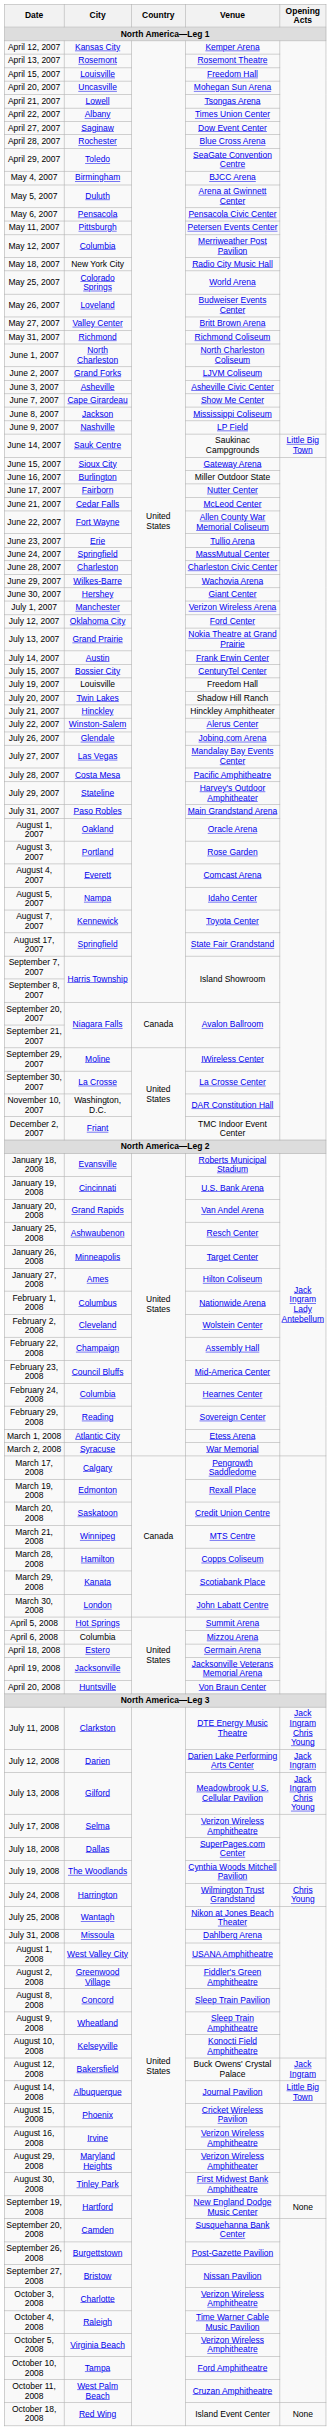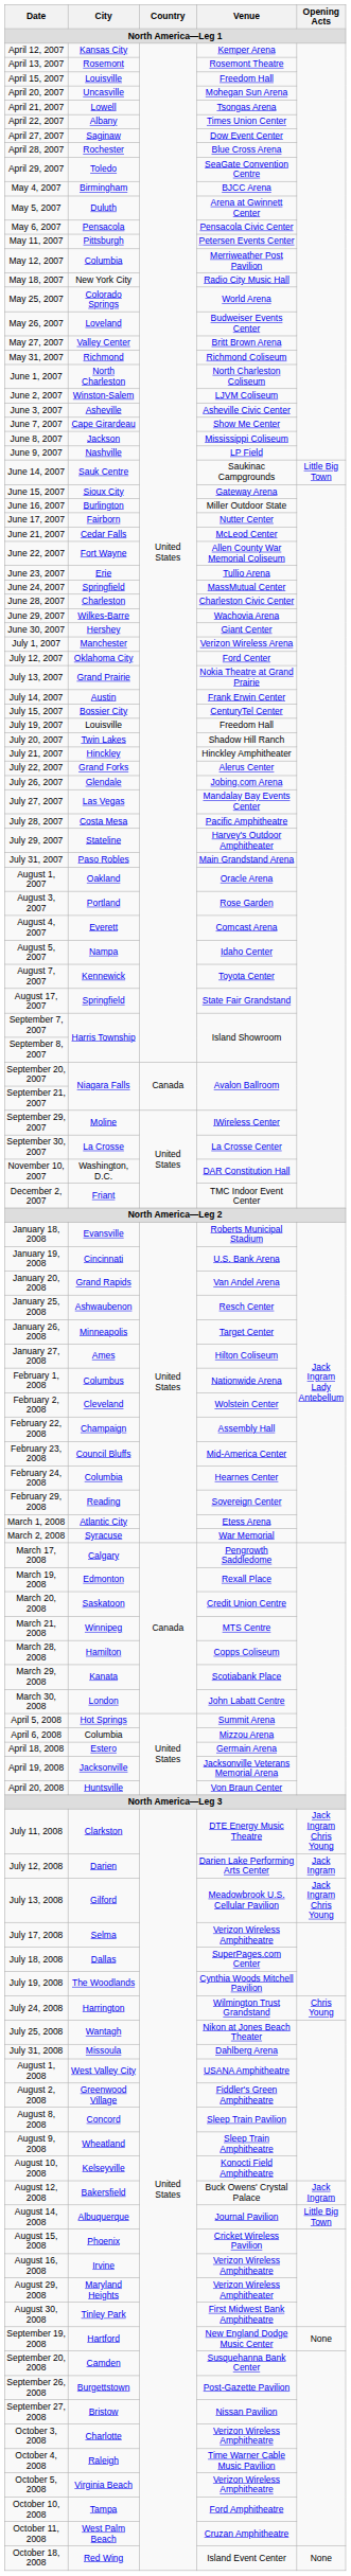 <table class="wikitable" style="text-align:center;">
 <tr>
 <th width="150">Date</th>
 <th width="150">City</th>
 <th width="150">Country</th>
 <th width="250">Venue</th>
 <th width=“250”>Opening Acts</th>
 </tr>
 <tr bgcolor="#DDDDDD">
 <td colspan=5><strong>North America—Leg 1</strong></td>
 </tr>
 <tr>
 <td>April 12, 2007</td>
 <td><a href='#'>Kansas City</a></td>
 <td rowspan="58">United States</td>
 <td><a href='#'>Kemper Arena</a></td>
 </tr>
 <tr>
 <td>April 13, 2007</td>
 <td><a href='#'>Rosemont</a></td>
 <td><a href='#'>Rosemont Theatre</a></td>
 </tr>
 <tr>
 <td>April 15, 2007</td>
 <td><a href='#'>Louisville</a></td>
 <td><a href='#'>Freedom Hall</a></td>
 </tr>
 <tr>
 <td>April 20, 2007</td>
 <td><a href='#'>Uncasville</a></td>
 <td><a href='#'>Mohegan Sun Arena</a></td>
 </tr>
 <tr>
 <td>April 21, 2007</td>
 <td><a href='#'>Lowell</a></td>
 <td><a href='#'>Tsongas Arena</a></td>
 </tr>
 <tr>
 <td>April 22, 2007</td>
 <td><a href='#'>Albany</a></td>
 <td><a href='#'>Times Union Center</a></td>
 </tr>
 <tr>
 <td>April 27, 2007</td>
 <td><a href='#'>Saginaw</a></td>
 <td><a href='#'>Dow Event Center</a></td>
 </tr>
 <tr>
 <td>April 28, 2007</td>
 <td><a href='#'>Rochester</a></td>
 <td><a href='#'>Blue Cross Arena</a></td>
 </tr>
 <tr>
 <td>April 29, 2007</td>
 <td><a href='#'>Toledo</a></td>
 <td><a href='#'>SeaGate Convention Centre</a></td>
 </tr>
 <tr>
 <td>May 4, 2007</td>
 <td><a href='#'>Birmingham</a></td>
 <td><a href='#'>BJCC Arena</a></td>
 </tr>
 <tr>
 <td>May 5, 2007</td>
 <td><a href='#'>Duluth</a></td>
 <td><a href='#'>Arena at Gwinnett Center</a></td>
 </tr>
 <tr>
 <td>May 6, 2007</td>
 <td><a href='#'>Pensacola</a></td>
 <td><a href='#'>Pensacola Civic Center</a></td>
 </tr>
 <tr>
 <td>May 11, 2007</td>
 <td><a href='#'>Pittsburgh</a></td>
 <td><a href='#'>Petersen Events Center</a></td>
 </tr>
 <tr>
 <td>May 12, 2007</td>
 <td><a href='#'>Columbia</a></td>
 <td><a href='#'>Merriweather Post Pavilion</a></td>
 </tr>
 <tr>
 <td>May 18, 2007</td>
 <td>New York City</td>
 <td><a href='#'>Radio City Music Hall</a></td>
 </tr>
 <tr>
 <td>May 25, 2007</td>
 <td><a href='#'>Colorado Springs</a></td>
 <td><a href='#'>World Arena</a></td>
 </tr>
 <tr>
 <td>May 26, 2007</td>
 <td><a href='#'>Loveland</a></td>
 <td><a href='#'>Budweiser Events Center</a></td>
 </tr>
 <tr>
 <td>May 27, 2007</td>
 <td><a href='#'>Valley Center</a></td>
 <td><a href='#'>Britt Brown Arena</a></td>
 </tr>
 <tr>
 <td>May 31, 2007</td>
 <td><a href='#'>Richmond</a></td>
 <td><a href='#'>Richmond Coliseum</a></td>
 </tr>
 <tr>
 <td>June 1, 2007</td>
 <td><a href='#'>North Charleston</a></td>
 <td><a href='#'>North Charleston Coliseum</a></td>
 </tr>
 <tr>
 <td>June 2, 2007</td>
-<td><a href='#'>Grand Forks</a></td>
+<td><a href='#'>Winston-Salem</a></td>
 <td><a href='#'>LJVM Coliseum</a></td>
 </tr>
 <tr>
 <td>June 3, 2007</td>
 <td><a href='#'>Asheville</a></td>
 <td><a href='#'>Asheville Civic Center</a></td>
 </tr>
 <tr>
 <td>June 7, 2007</td>
 <td><a href='#'>Cape Girardeau</a></td>
 <td><a href='#'>Show Me Center</a></td>
 </tr>
 <tr>
 <td>June 8, 2007</td>
 <td><a href='#'>Jackson</a></td>
 <td><a href='#'>Mississippi Coliseum</a></td>
 </tr>
 <tr>
 <td>June 9, 2007</td>
 <td><a href='#'>Nashville</a></td>
 <td><a href='#'>LP Field</a></td>
 </tr>
 <tr>
 <td>June 14, 2007</td>
 <td><a href='#'>Sauk Centre</a></td>
 <td>Saukinac Campgrounds</td>
 <td><a href='#'>Little Big Town</a></td>
 </tr>
 <tr>
 <td>June 15, 2007</td>
 <td><a href='#'>Sioux City</a></td>
 <td><a href='#'>Gateway Arena</a></td>
 </tr>
 <tr>
 <td>June 16, 2007</td>
 <td><a href='#'>Burlington</a></td>
 <td>Miller Outdoor State</td>
 </tr>
 <tr>
 <td>June 17, 2007</td>
 <td><a href='#'>Fairborn</a></td>
 <td><a href='#'>Nutter Center</a></td>
 </tr>
 <tr>
 <td>June 21, 2007</td>
 <td><a href='#'>Cedar Falls</a></td>
 <td><a href='#'>McLeod Center</a></td>
 </tr>
 <tr>
 <td>June 22, 2007</td>
 <td><a href='#'>Fort Wayne</a></td>
 <td><a href='#'>Allen County War Memorial Coliseum</a></td>
 </tr>
 <tr>
 <td>June 23, 2007</td>
 <td><a href='#'>Erie</a></td>
 <td><a href='#'>Tullio Arena</a></td>
 </tr>
 <tr>
 <td>June 24, 2007</td>
 <td><a href='#'>Springfield</a></td>
 <td><a href='#'>MassMutual Center</a></td>
 </tr>
 <tr>
 <td>June 28, 2007</td>
 <td><a href='#'>Charleston</a></td>
 <td><a href='#'>Charleston Civic Center</a></td>
 </tr>
 <tr>
 <td>June 29, 2007</td>
 <td><a href='#'>Wilkes-Barre</a></td>
 <td><a href='#'>Wachovia Arena</a></td>
 </tr>
 <tr>
 <td>June 30, 2007</td>
 <td><a href='#'>Hershey</a></td>
 <td><a href='#'>Giant Center</a></td>
 </tr>
 <tr>
 <td>July 1, 2007</td>
 <td><a href='#'>Manchester</a></td>
 <td><a href='#'>Verizon Wireless Arena</a></td>
 </tr>
 <tr>
 <td>July 12, 2007</td>
 <td><a href='#'>Oklahoma City</a></td>
 <td><a href='#'>Ford Center</a></td>
 </tr>
 <tr>
 <td>July 13, 2007</td>
 <td><a href='#'>Grand Prairie</a></td>
 <td><a href='#'>Nokia Theatre at Grand Prairie</a></td>
 </tr>
 <tr>
 <td>July 14, 2007</td>
 <td><a href='#'>Austin</a></td>
 <td><a href='#'>Frank Erwin Center</a></td>
 </tr>
 <tr>
 <td>July 15, 2007</td>
 <td><a href='#'>Bossier City</a></td>
 <td><a href='#'>CenturyTel Center</a></td>
 </tr>
 <tr>
 <td>July 19, 2007</td>
 <td>Louisville</td>
 <td>Freedom Hall</td>
 </tr>
 <tr>
 <td>July 20, 2007</td>
 <td><a href='#'>Twin Lakes</a></td>
 <td>Shadow Hill Ranch</td>
 </tr>
 <tr>
 <td>July 21, 2007</td>
 <td><a href='#'>Hinckley</a></td>
 <td>Hinckley Amphitheater</td>
 </tr>
 <tr>
 <td>July 22, 2007</td>
-<td><a href='#'>Winston-Salem</a></td>
+<td><a href='#'>Grand Forks</a></td>
 <td><a href='#'>Alerus Center</a></td>
 </tr>
 <tr>
 <td>July 26, 2007</td>
 <td><a href='#'>Glendale</a></td>
 <td><a href='#'>Jobing.com Arena</a></td>
 </tr>
 <tr>
 <td>July 27, 2007</td>
 <td><a href='#'>Las Vegas</a></td>
 <td><a href='#'>Mandalay Bay Events Center</a></td>
 </tr>
 <tr>
 <td>July 28, 2007</td>
 <td><a href='#'>Costa Mesa</a></td>
 <td><a href='#'>Pacific Amphitheatre</a></td>
 </tr>
 <tr>
 <td>July 29, 2007</td>
 <td><a href='#'>Stateline</a></td>
 <td><a href='#'>Harvey's Outdoor Amphitheater</a></td>
 </tr>
 <tr>
 <td>July 31, 2007</td>
 <td><a href='#'>Paso Robles</a></td>
 <td><a href='#'>Main Grandstand Arena</a></td>
 </tr>
 <tr>
 <td>August 1, 2007</td>
 <td><a href='#'>Oakland</a></td>
 <td><a href='#'>Oracle Arena</a></td>
 </tr>
 <tr>
 <td>August 3, 2007</td>
 <td><a href='#'>Portland</a></td>
 <td><a href='#'>Rose Garden</a></td>
 </tr>
 <tr>
 <td>August 4, 2007</td>
 <td><a href='#'>Everett</a></td>
 <td><a href='#'>Comcast Arena</a></td>
 </tr>
 <tr>
 <td>August 5, 2007</td>
 <td><a href='#'>Nampa</a></td>
 <td><a href='#'>Idaho Center</a></td>
 </tr>
 <tr>
 <td>August 7, 2007</td>
 <td><a href='#'>Kennewick</a></td>
 <td><a href='#'>Toyota Center</a></td>
 </tr>
 <tr>
 <td>August 17, 2007</td>
 <td><a href='#'>Springfield</a></td>
 <td><a href='#'>State Fair Grandstand</a></td>
 </tr>
 <tr>
 <td>September 7, 2007</td>
 <td rowspan="2"><a href='#'>Harris Township</a></td>
 <td rowspan="2">Island Showroom</td>
 </tr>
 <tr>
 <td>September 8, 2007</td>
 </tr>
 <tr>
 <td>September 20, 2007</td>
 <td rowspan="2"><a href='#'>Niagara Falls</a></td>
 <td rowspan="2">Canada</td>
 <td rowspan="2"><a href='#'>Avalon Ballroom</a></td>
 </tr>
 <tr>
 <td>September 21, 2007</td>
 </tr>
 <tr>
 <td>September 29, 2007</td>
 <td><a href='#'>Moline</a></td>
 <td rowspan="4">United States</td>
 <td><a href='#'>IWireless Center</a></td>
 </tr>
 <tr>
 <td>September 30, 2007</td>
 <td><a href='#'>La Crosse</a></td>
 <td><a href='#'>La Crosse Center</a></td>
 </tr>
 <tr>
 <td>November 10, 2007</td>
 <td>Washington, D.C.</td>
 <td><a href='#'>DAR Constitution Hall</a></td>
 </tr>
 <tr>
 <td>December 2, 2007</td>
 <td><a href='#'>Friant</a></td>
 <td>TMC Indoor Event Center</td>
 </tr>
 <tr bgcolor="#DDDDDD">
 <td colspan=5><strong>North America—Leg 2</strong></td>
 </tr>
 <tr>
 <td>January 18, 2008</td>
 <td><a href='#'>Evansville</a></td>
 <td rowspan="14">United States</td>
 <td><a href='#'>Roberts Municipal Stadium</a></td>
 <td rowspan="14"><a href='#'>Jack Ingram</a><br><a href='#'>Lady Antebellum</a></td>
 </tr>
 <tr>
 <td>January 19, 2008</td>
 <td><a href='#'>Cincinnati</a></td>
 <td><a href='#'>U.S. Bank Arena</a></td>
 </tr>
 <tr>
 <td>January 20, 2008</td>
 <td><a href='#'>Grand Rapids</a></td>
 <td><a href='#'>Van Andel Arena</a></td>
 </tr>
 <tr>
 <td>January 25, 2008</td>
 <td><a href='#'>Ashwaubenon</a></td>
 <td><a href='#'>Resch Center</a></td>
 </tr>
 <tr>
 <td>January 26, 2008</td>
 <td><a href='#'>Minneapolis</a></td>
 <td><a href='#'>Target Center</a></td>
 </tr>
 <tr>
 <td>January 27, 2008</td>
 <td><a href='#'>Ames</a></td>
 <td><a href='#'>Hilton Coliseum</a></td>
 </tr>
 <tr>
 <td>February 1, 2008</td>
 <td><a href='#'>Columbus</a></td>
 <td><a href='#'>Nationwide Arena</a></td>
 </tr>
 <tr>
 <td>February 2, 2008</td>
 <td><a href='#'>Cleveland</a></td>
 <td><a href='#'>Wolstein Center</a></td>
 </tr>
 <tr>
 <td>February 22, 2008</td>
 <td><a href='#'>Champaign</a></td>
 <td><a href='#'>Assembly Hall</a></td>
 </tr>
 <tr>
 <td>February 23, 2008</td>
 <td><a href='#'>Council Bluffs</a></td>
 <td><a href='#'>Mid-America Center</a></td>
 </tr>
 <tr>
 <td>February 24, 2008</td>
 <td><a href='#'>Columbia</a></td>
 <td><a href='#'>Hearnes Center</a></td>
 </tr>
 <tr>
 <td>February 29, 2008</td>
 <td><a href='#'>Reading</a></td>
 <td><a href='#'>Sovereign Center</a></td>
 </tr>
 <tr>
 <td>March 1, 2008</td>
 <td><a href='#'>Atlantic City</a></td>
 <td><a href='#'>Etess Arena</a></td>
 </tr>
 <tr>
 <td>March 2, 2008</td>
 <td><a href='#'>Syracuse</a></td>
 <td><a href='#'>War Memorial</a></td>
 </tr>
 <tr>
 <td>March 17, 2008</td>
 <td><a href='#'>Calgary</a></td>
 <td rowspan="7">Canada</td>
 <td><a href='#'>Pengrowth Saddledome</a></td>
 </tr>
 <tr>
 <td>March 19, 2008</td>
 <td><a href='#'>Edmonton</a></td>
 <td><a href='#'>Rexall Place</a></td>
 </tr>
 <tr>
 <td>March 20, 2008</td>
 <td><a href='#'>Saskatoon</a></td>
 <td><a href='#'>Credit Union Centre</a></td>
 </tr>
 <tr>
 <td>March 21, 2008</td>
 <td><a href='#'>Winnipeg</a></td>
 <td><a href='#'>MTS Centre</a></td>
 </tr>
 <tr>
 <td>March 28, 2008</td>
 <td><a href='#'>Hamilton</a></td>
 <td><a href='#'>Copps Coliseum</a></td>
 </tr>
 <tr>
 <td>March 29, 2008</td>
 <td><a href='#'>Kanata</a></td>
 <td><a href='#'>Scotiabank Place</a></td>
 </tr>
 <tr>
 <td>March 30, 2008</td>
 <td><a href='#'>London</a></td>
 <td><a href='#'>John Labatt Centre</a></td>
 </tr>
 <tr>
 <td>April 5, 2008</td>
 <td><a href='#'>Hot Springs</a></td>
 <td rowspan="5">United States</td>
 <td><a href='#'>Summit Arena</a></td>
 </tr>
 <tr>
 <td>April 6, 2008</td>
 <td>Columbia</td>
 <td><a href='#'>Mizzou Arena</a></td>
 </tr>
 <tr>
 <td>April 18, 2008</td>
 <td><a href='#'>Estero</a></td>
 <td><a href='#'>Germain Arena</a></td>
 </tr>
 <tr>
 <td>April 19, 2008</td>
 <td><a href='#'>Jacksonville</a></td>
 <td><a href='#'>Jacksonville Veterans Memorial Arena</a></td>
 </tr>
 <tr>
 <td>April 20, 2008</td>
 <td><a href='#'>Huntsville</a></td>
 <td><a href='#'>Von Braun Center</a></td>
 </tr>
 <tr bgcolor="#DDDDDD">
 <td colspan=5><strong>North America—Leg 3</strong></td>
 </tr>
 <tr>
 <td>July 11, 2008</td>
 <td><a href='#'>Clarkston</a></td>
 <td rowspan="30">United States</td>
 <td><a href='#'>DTE Energy Music Theatre</a></td>
 <td><a href='#'>Jack Ingram</a><br><a href='#'>Chris Young</a></td>
 </tr>
 <tr>
 <td>July 12, 2008</td>
 <td><a href='#'>Darien</a></td>
 <td><a href='#'>Darien Lake Performing Arts Center</a></td>
 <td><a href='#'>Jack Ingram</a></td>
 </tr>
 <tr>
 <td>July 13, 2008</td>
 <td><a href='#'>Gilford</a></td>
 <td><a href='#'>Meadowbrook U.S. Cellular Pavilion</a></td>
 <td rowspan=“4”><a href='#'>Jack Ingram</a><br><a href='#'>Chris Young</a></td>
 </tr>
 <tr>
 <td>July 17, 2008</td>
 <td><a href='#'>Selma</a></td>
 <td><a href='#'>Verizon Wireless Amphitheatre</a></td>
 </tr>
 <tr>
 <td>July 18, 2008</td>
 <td><a href='#'>Dallas</a></td>
 <td><a href='#'>SuperPages.com Center</a></td>
 </tr>
 <tr>
 <td>July 19, 2008</td>
 <td><a href='#'>The Woodlands</a></td>
 <td><a href='#'>Cynthia Woods Mitchell Pavilion</a></td>
 </tr>
 <tr>
 <td>July 24, 2008</td>
 <td><a href='#'>Harrington</a></td>
 <td><a href='#'>Wilmington Trust Grandstand</a></td>
 <td rowspan=“3”><a href='#'>Chris Young</a></td>
 </tr>
 <tr>
 <td>July 25, 2008</td>
 <td><a href='#'>Wantagh</a></td>
 <td><a href='#'>Nikon at Jones Beach Theater</a></td>
 </tr>
 <tr>
 <td>July 31, 2008</td>
 <td><a href='#'>Missoula</a></td>
 <td><a href='#'>Dahlberg Arena</a></td>
 </tr>
 <tr>
 <td>August 1, 2008</td>
 <td><a href='#'>West Valley City</a></td>
 <td><a href='#'>USANA Amphitheatre</a></td>
 </tr>
 <tr>
 <td>August 2, 2008</td>
 <td><a href='#'>Greenwood Village</a></td>
 <td><a href='#'>Fiddler's Green Amphitheatre</a></td>
 </tr>
 <tr>
 <td>August 8, 2008</td>
 <td><a href='#'>Concord</a></td>
 <td><a href='#'>Sleep Train Pavilion</a></td>
 </tr>
 <tr>
 <td>August 9, 2008</td>
 <td><a href='#'>Wheatland</a></td>
 <td><a href='#'>Sleep Train Amphitheatre</a></td>
 </tr>
 <tr>
 <td>August 10, 2008</td>
 <td><a href='#'>Kelseyville</a></td>
 <td><a href='#'>Konocti Field Amphitheatre</a></td>
 </tr>
 <tr>
 <td>August 12, 2008</td>
 <td><a href='#'>Bakersfield</a></td>
 <td>Buck Owens' Crystal Palace</td>
 <td><a href='#'>Jack Ingram</a></td>
 </tr>
 <tr>
 <td>August 14, 2008</td>
 <td><a href='#'>Albuquerque</a></td>
 <td><a href='#'>Journal Pavilion</a></td>
 <td><a href='#'>Little Big Town</a></td>
 </tr>
 <tr>
 <td>August 15, 2008</td>
 <td><a href='#'>Phoenix</a></td>
 <td><a href='#'>Cricket Wireless Pavilion</a></td>
 </tr>
 <tr>
 <td>August 16, 2008</td>
 <td><a href='#'>Irvine</a></td>
 <td><a href='#'>Verizon Wireless Amphitheatre</a></td>
 </tr>
 <tr>
 <td>August 29, 2008</td>
 <td><a href='#'>Maryland Heights</a></td>
 <td><a href='#'>Verizon Wireless Amphitheater</a></td>
 </tr>
 <tr>
 <td>August 30, 2008</td>
 <td><a href='#'>Tinley Park</a></td>
 <td><a href='#'>First Midwest Bank Amphitheatre</a></td>
 </tr>
 <tr>
 <td>September 19, 2008</td>
 <td><a href='#'>Hartford</a></td>
 <td><a href='#'>New England Dodge Music Center</a></td>
 <td>None</td>
 </tr>
 <tr>
 <td>September 20, 2008</td>
 <td><a href='#'>Camden</a></td>
 <td><a href='#'>Susquehanna Bank Center</a></td>
 </tr>
 <tr>
 <td>September 26, 2008</td>
 <td><a href='#'>Burgettstown</a></td>
 <td><a href='#'>Post-Gazette Pavilion</a></td>
 </tr>
 <tr>
 <td>September 27, 2008</td>
 <td><a href='#'>Bristow</a></td>
 <td><a href='#'>Nissan Pavilion</a></td>
 </tr>
 <tr>
 <td>October 3, 2008</td>
 <td><a href='#'>Charlotte</a></td>
 <td><a href='#'>Verizon Wireless Amphitheatre</a></td>
 </tr>
 <tr>
 <td>October 4, 2008</td>
 <td><a href='#'>Raleigh</a></td>
 <td><a href='#'>Time Warner Cable Music Pavilion</a></td>
 </tr>
 <tr>
 <td>October 5, 2008</td>
 <td><a href='#'>Virginia Beach</a></td>
 <td><a href='#'>Verizon Wireless Amphitheatre</a></td>
 </tr>
 <tr>
 <td>October 10, 2008</td>
 <td><a href='#'>Tampa</a></td>
 <td><a href='#'>Ford Amphitheatre</a></td>
 </tr>
 <tr>
 <td>October 11, 2008</td>
 <td><a href='#'>West Palm Beach</a></td>
 <td><a href='#'>Cruzan Amphitheatre</a></td>
 </tr>
 <tr>
 <td>October 18, 2008</td>
 <td><a href='#'>Red Wing</a></td>
 <td>Island Event Center</td>
 <td>None</td>
 </tr>
 </table>
